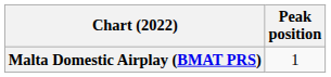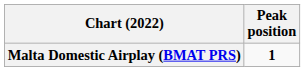 <table class="wikitable plainrowheaders" style="text-align:center">
 <tr>
 <th scope="col">Chart (2022)</th>
 <th scope="col">Peak<br>position</th>
 </tr>
 <tr>
 <th scope="row">Malta Domestic Airplay (<a href='#'>BMAT PRS</a>)</th>
-<td>1</td>
+<td><strong>1</strong></td>
 </tr>
 </table>
